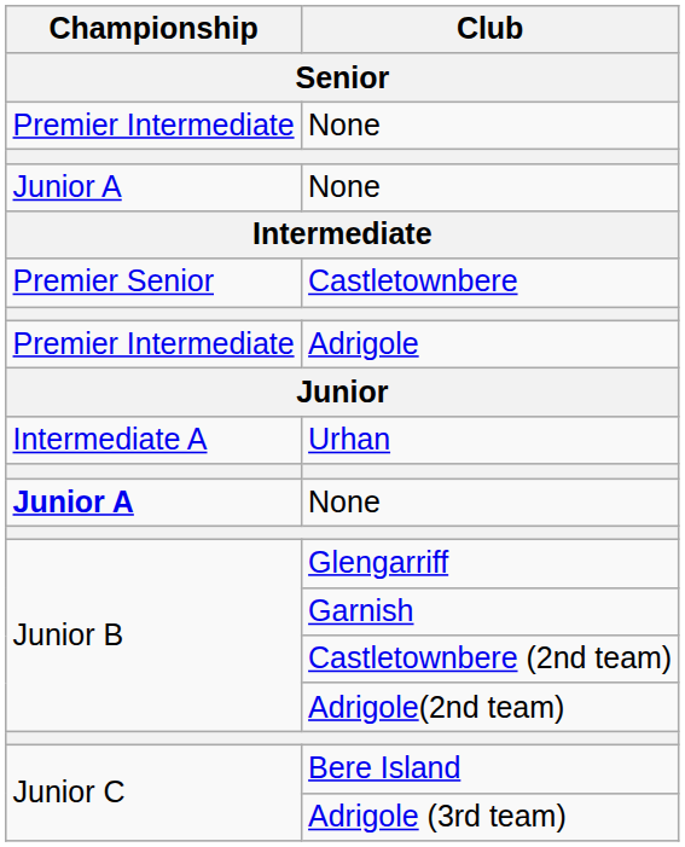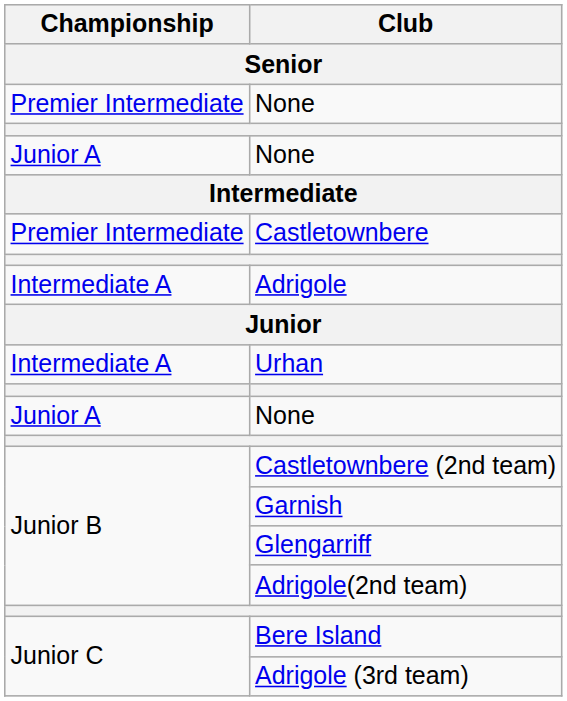 <table class="wikitable sortable">
 <tr>
 <th>Championship</th>
 <th>Club</th>
 </tr>
 <tr>
 <th colspan="2">Senior</th>
 </tr>
 <tr>
 <td><a href='#'>Premier Intermediate</a></td>
 <td colspan="1">None</td>
 </tr>
 <tr>
 <th colspan="2"></th>
 </tr>
 <tr>
 <td><a href='#'>Junior A</a></td>
 <td>None</td>
 </tr>
 <tr>
 <th colspan="2">Intermediate</th>
 </tr>
 <tr>
-<td><a href='#'>Premier Senior</a></td>
+<td><a href='#'>Premier Intermediate</a></td>
 <td> <a href='#'>Castletownbere</a></td>
 </tr>
 <tr>
 <th colspan="2"></th>
 </tr>
 <tr>
-<td><a href='#'>Premier Intermediate</a></td>
+<td><a href='#'>Intermediate A</a></td>
 <td> <a href='#'>Adrigole</a></td>
 </tr>
 <tr>
 <th colspan="2">Junior</th>
 </tr>
 <tr>
 <td><a href='#'>Intermediate A</a></td>
 <td> <a href='#'>Urhan</a></td>
 </tr>
 <tr>
 <th></th>
 <th></th>
 </tr>
 <tr>
-<td><strong><a href='#'>Junior A</a></strong></td>
+<td><a href='#'>Junior A</a></td>
 <td>None</td>
 </tr>
 <tr>
 <th colspan="2"></th>
 </tr>
 <tr>
 <td rowspan="4">Junior B</td>
-<td> <a href='#'>Glengarriff</a></td>
+<td> <a href='#'>Castletownbere</a> (2nd team)</td>
 </tr>
 <tr>
 <td> <a href='#'>Garnish</a></td>
 </tr>
 <tr>
-<td> <a href='#'>Castletownbere</a> (2nd team)</td>
+<td> <a href='#'>Glengarriff</a></td>
 </tr>
 <tr>
 <td>  <a href='#'>Adrigole</a>(2nd team)</td>
 </tr>
 <tr>
 <th colspan="2"></th>
 </tr>
 <tr>
 <td rowspan="2">Junior C</td>
 <td> <a href='#'>Bere Island</a></td>
 </tr>
 <tr>
 <td> <a href='#'>Adrigole</a> (3rd team)</td>
 </tr>
 </table>
